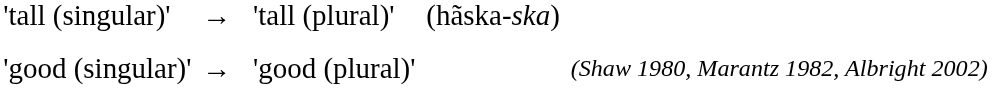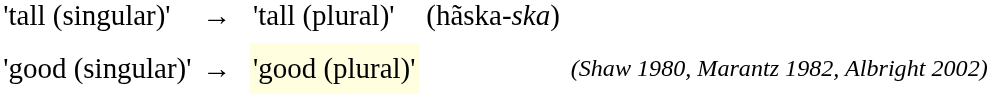 <table style="line-height: 1.4em;" cellpadding="2">
 <tr>
 <td> </td>
 <td> </td>
 <td></td>
 <td>'tall (singular)'</td>
 <td>→</td>
 <td></td>
 <td>'tall (plural)'</td>
 <td>(hãska-<em>ska</em>)</td>
 </tr>
 <tr>
 <td> </td>
 <td> </td>
 <td></td>
 <td>'good (singular)'</td>
 <td>→</td>
 <td></td>
-<td>'good (plural)'</td>
+<td style="background: lightyellow;">'good (plural)'</td>
 <td></td>
 <td><small><cite>(Shaw 1980, Marantz 1982, Albright 2002)</cite></small></td>
 </tr>
 </table>
